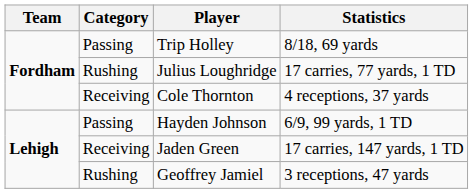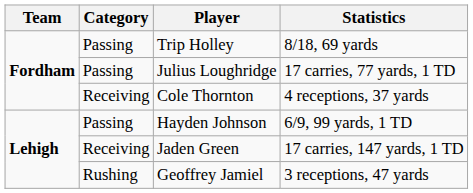 <table class="wikitable" style="float: right;">
 <tr>
 <th>Team</th>
 <th>Category</th>
 <th>Player</th>
 <th>Statistics</th>
 </tr>
 <tr>
 <td rowspan=3><strong>Fordham</strong></td>
 <td>Passing</td>
 <td>Trip Holley</td>
 <td>8/18, 69 yards</td>
 </tr>
 <tr>
-<td>Rushing</td>
+<td>Passing</td>
 <td>Julius Loughridge</td>
 <td>17 carries, 77 yards, 1 TD</td>
 </tr>
 <tr>
 <td>Receiving</td>
 <td>Cole Thornton</td>
 <td>4 receptions, 37 yards</td>
 </tr>
 <tr>
 <td rowspan=3><strong>Lehigh</strong></td>
 <td>Passing</td>
 <td>Hayden Johnson</td>
 <td>6/9, 99 yards, 1 TD</td>
 </tr>
 <tr>
 <td>Receiving</td>
 <td>Jaden Green</td>
 <td>17 carries, 147 yards, 1 TD</td>
 </tr>
 <tr>
 <td>Rushing</td>
 <td>Geoffrey Jamiel</td>
 <td>3 receptions, 47 yards</td>
 </tr>
 </table>
